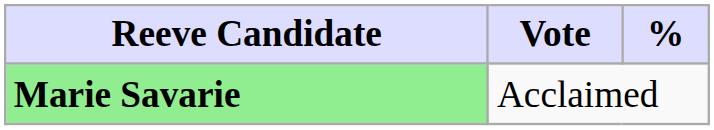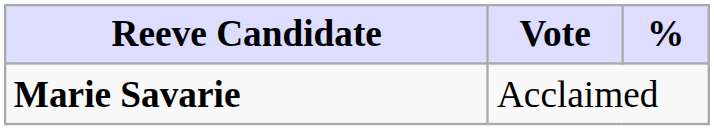 <table class="wikitable">
 <tr>
 <th style="background:#ddf; width:200px;">Reeve Candidate</th>
 <th style="background:#ddf; width:50px;">Vote</th>
 <th style="background:#ddf; width:30px;">%</th>
 </tr>
 <tr>
-<td style="background: lightgreen;"><strong>Marie Savarie</strong></td>
+<td><strong>Marie Savarie</strong></td>
 <td colspan="2">Acclaimed</td>
 </tr>
 </table>
